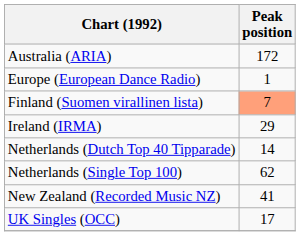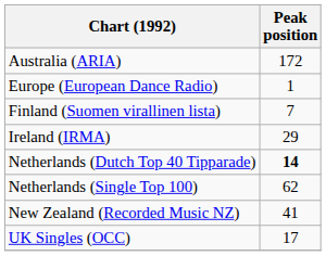 <table class="wikitable">
 <tr>
 <th>Chart (1992)</th>
 <th>Peak<br>position</th>
 </tr>
 <tr>
 <td>Australia (<a href='#'>ARIA</a>)</td>
 <td style="text-align:center;">172</td>
 </tr>
 <tr>
 <td>Europe (<a href='#'>European Dance Radio</a>)</td>
 <td style="text-align:center;">1</td>
 </tr>
 <tr>
 <td>Finland (<a href='#'>Suomen virallinen lista</a>)</td>
-<td style="background: lightsalmon; text-align:center;">7</td>
+<td style="text-align:center;">7</td>
 </tr>
 <tr>
 <td>Ireland (<a href='#'>IRMA</a>)</td>
 <td style="text-align:center;">29</td>
 </tr>
 <tr>
 <td>Netherlands (<a href='#'>Dutch Top 40 Tipparade</a>)</td>
-<td style="text-align:center;">14</td>
+<td style="text-align:center;"><strong>14</strong></td>
 </tr>
 <tr>
 <td>Netherlands (<a href='#'>Single Top 100</a>)</td>
 <td style="text-align:center;">62</td>
 </tr>
 <tr>
 <td>New Zealand (<a href='#'>Recorded Music NZ</a>)</td>
 <td style="text-align:center;">41</td>
 </tr>
 <tr>
 <td><a href='#'>UK Singles</a> (<a href='#'>OCC</a>)</td>
 <td style="text-align:center;">17</td>
 </tr>
 <tr>
 </tr>
 </table>
